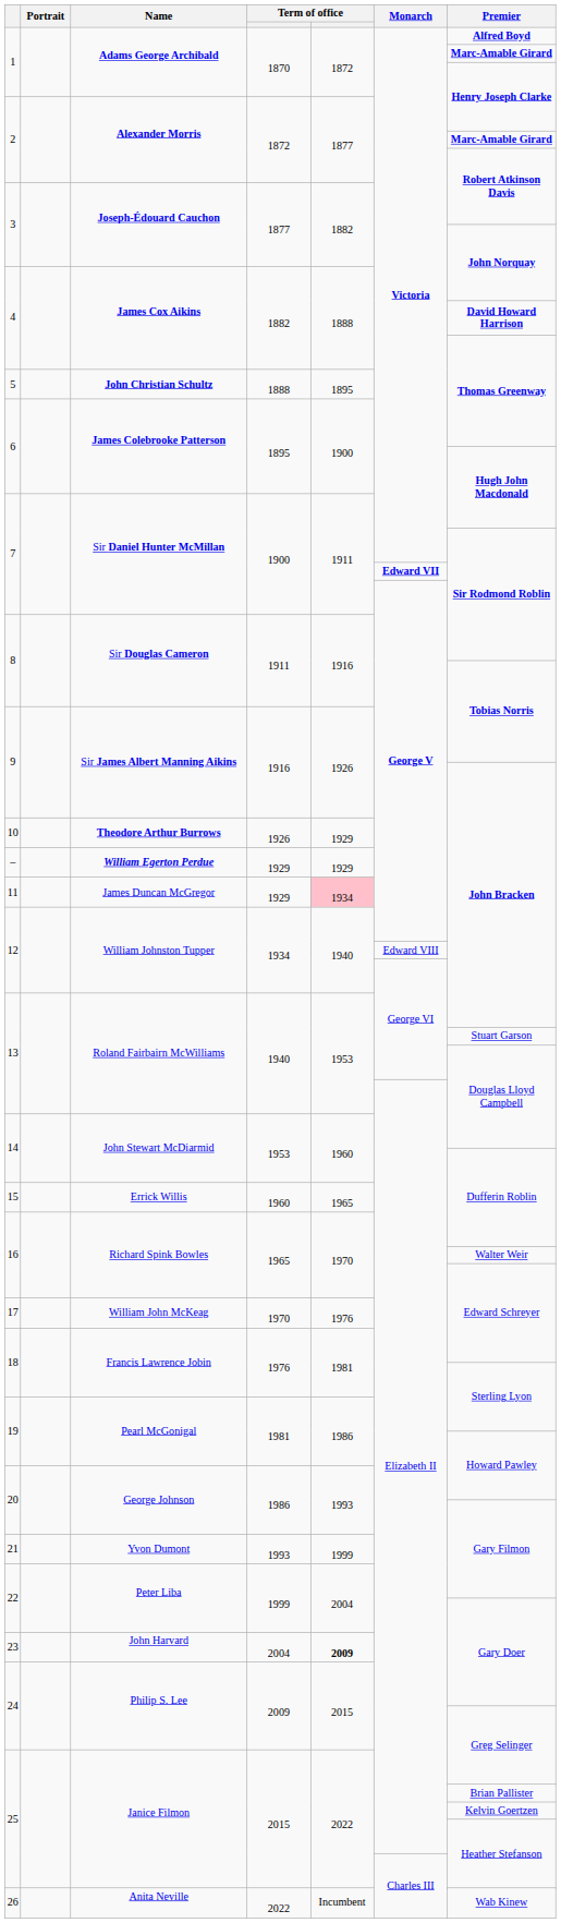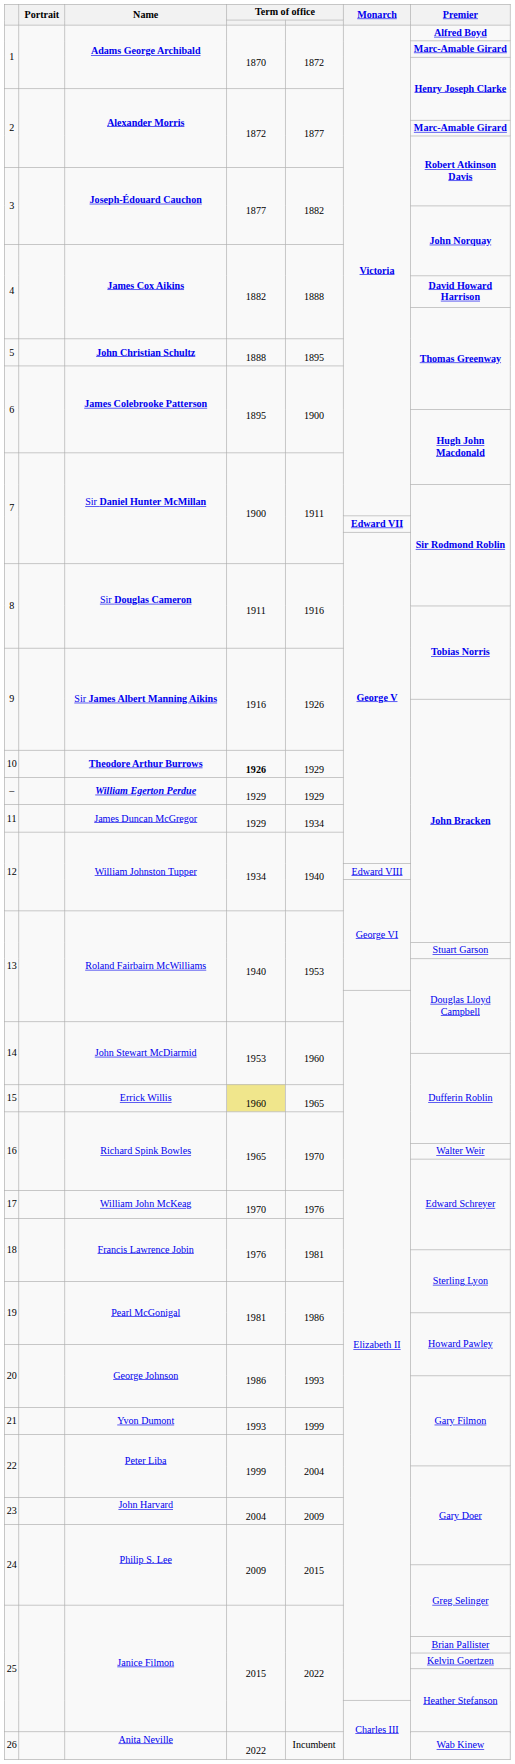 <table class="wikitable" style="text-align:center; border:1px #aaf solid;">
 <tr>
 <th rowspan="2"></th>
 <th rowspan="2" width="65">Portrait</th>
 <th rowspan="2" width="250">Name<br></th>
 <th colspan="2">Term of office</th>
 <th rowspan="2" width="100"><a href='#'>Monarch</a><br></th>
 <th rowspan="2" width="150"><a href='#'>Premier</a><br></th>
 </tr>
 <tr>
 <th width="85"></th>
 <th width="85"></th>
 </tr>
 <tr>
 <td rowspan="3">1</td>
 <td rowspan="3"></td>
 <td rowspan="3"><strong><a href='#'>Adams George Archibald</a></strong><br><br></td>
 <td rowspan="3"><br>1870</td>
 <td rowspan="3"><br>1872</td>
 <td rowspan="16"><strong><a href='#'>Victoria</a></strong><br></td>
 <td><strong><a href='#'>Alfred Boyd</a></strong><br></td>
 </tr>
 <tr>
 <td><strong><a href='#'>Marc-Amable Girard</a></strong><br></td>
 </tr>
 <tr style="height:50px;">
 <td rowspan="2"><strong><a href='#'>Henry Joseph Clarke</a></strong><br></td>
 </tr>
 <tr style="height:50px;">
 <td rowspan="3">2</td>
 <td rowspan="3"></td>
 <td rowspan="3"><a href='#'><strong>Alexander Morris</strong></a><br><br></td>
 <td rowspan="3"><br>1872</td>
 <td rowspan="3"><br>1877</td>
 </tr>
 <tr>
 <td><strong><a href='#'>Marc-Amable Girard</a></strong><br></td>
 </tr>
 <tr style="height:50px;">
 <td rowspan="2"><strong><a href='#'>Robert Atkinson Davis</a></strong><br></td>
 </tr>
 <tr style="height:61px;">
 <td rowspan="2">3</td>
 <td rowspan="2"></td>
 <td rowspan="2"><strong><a href='#'>Joseph-Édouard Cauchon</a></strong><br><br></td>
 <td rowspan="2"><br>1877</td>
 <td rowspan="2"><br>1882</td>
 </tr>
 <tr style="height:61px;">
 <td rowspan="2"><strong><a href='#'>John Norquay</a></strong><br></td>
 </tr>
 <tr style="height:50px;">
 <td rowspan="3">4</td>
 <td rowspan="3"></td>
 <td rowspan="3"><strong><a href='#'>James Cox Aikins</a></strong><br><br></td>
 <td rowspan="3"><br>1882</td>
 <td rowspan="3"><br>1888</td>
 </tr>
 <tr style="height:50px;">
 <td><strong><a href='#'>David Howard Harrison</a></strong><br></td>
 </tr>
 <tr style="height:50px;">
 <td rowspan="3"><strong><a href='#'>Thomas Greenway</a></strong><br></td>
 </tr>
 <tr>
 <td>5</td>
 <td></td>
 <td><strong><a href='#'>John Christian Schultz</a></strong><br></td>
 <td><br>1888</td>
 <td><br>1895</td>
 </tr>
 <tr style="height:69px;">
 <td rowspan="2">6</td>
 <td rowspan="2"></td>
 <td rowspan="2"><strong><a href='#'>James Colebrooke Patterson</a></strong><br><br></td>
 <td rowspan="2"><br>1895</td>
 <td rowspan="2"><br>1900</td>
 </tr>
 <tr style="height:69px;">
 <td rowspan="2"><strong><a href='#'>Hugh John Macdonald</a></strong><br></td>
 </tr>
 <tr style="height:50px;">
 <td rowspan="4">7</td>
 <td rowspan="4"></td>
 <td rowspan="4"><a href='#'>Sir <strong>Daniel Hunter McMillan</strong></a><br><br></td>
 <td rowspan="4"><br>1900</td>
 <td rowspan="4"><br>1911</td>
 </tr>
 <tr style="height:50px;">
 <td rowspan="4"><a href='#'><strong>Sir Rodmond Roblin</strong></a><br></td>
 </tr>
 <tr>
 <td><strong><a href='#'>Edward VII</a></strong><br></td>
 </tr>
 <tr style="height:50px;">
 <td rowspan="9"><strong><a href='#'>George V</a></strong><br></td>
 </tr>
 <tr style="height:67px;">
 <td rowspan="2">8</td>
 <td rowspan="2"></td>
 <td rowspan="2"><a href='#'>Sir <strong>Douglas Cameron</strong></a><br><br></td>
 <td rowspan="2"><br>1911</td>
 <td rowspan="2"><br>1916</td>
 </tr>
 <tr style="height:67px;">
 <td rowspan="2"><strong><a href='#'>Tobias Norris</a></strong><br></td>
 </tr>
 <tr style="height:81px;">
 <td rowspan="2">9</td>
 <td rowspan="2"></td>
 <td rowspan="2"><a href='#'>Sir <strong>James Albert Manning Aikins</strong></a><br></td>
 <td rowspan="2"><br>1916</td>
 <td rowspan="2"><br>1926</td>
 </tr>
 <tr style="height:81px;">
 <td rowspan="8"><strong><a href='#'>John Bracken</a></strong><br></td>
 </tr>
 <tr>
 <td>10</td>
 <td></td>
 <td><strong><a href='#'>Theodore Arthur Burrows</a></strong><br></td>
-<td><br>1926</td>
+<td><strong><br>1926</strong></td>
 <td><br>1929</td>
 </tr>
 <tr>
 <td>–</td>
 <td></td>
 <td><strong><em><a href='#'>William Egerton Perdue</a><strong><br><em></td>
 <td></em><br>1929<em></td>
 <td></em><br>1929<em></td>
 </tr>
 <tr>
 <td>11</td>
 <td></td>
 <td></strong><a href='#'>James Duncan McGregor</a><strong><br></td>
 <td><br>1929</td>
-<td style="background: pink;"><br>1934</td>
+<td><br>1934</td>
 </tr>
 <tr style="height:50px;">
 <td rowspan="3">12</td>
 <td rowspan="3"></td>
 <td rowspan="3"></strong><a href='#'>William Johnston Tupper</a><strong><br></td>
 <td rowspan="3"><br>1934</td>
 <td rowspan="3"><br>1940</td>
 </tr>
 <tr>
 <td></strong><a href='#'>Edward VIII</a><strong><br></td>
 </tr>
 <tr style="height:50px;">
 <td rowspan="4"></strong><a href='#'>George VI</a><strong><br></td>
 </tr>
 <tr style="height:50px;">
 <td rowspan="4">13</td>
 <td rowspan="4"></td>
 <td rowspan="4"></strong><a href='#'>Roland Fairbairn McWilliams</a><strong><br></td>
 <td rowspan="4"><br>1940</td>
 <td rowspan="4"><br>1953</td>
 </tr>
 <tr>
 <td></strong><a href='#'>Stuart Garson</a><strong><br></td>
 </tr>
 <tr style="height:50px;">
 <td rowspan="3"></strong><a href='#'>Douglas Lloyd Campbell</a><strong><br></td>
 </tr>
 <tr style="height:50px;">
 <td rowspan="24"></strong><a href='#'>Elizabeth II</a><strong><br></td>
 </tr>
 <tr style="height:50px;">
 <td rowspan="2">14</td>
 <td rowspan="2"></td>
 <td rowspan="2"></strong><a href='#'>John Stewart McDiarmid</a><strong><br></td>
 <td rowspan="2"><br>1953</td>
 <td rowspan="2"><br>1960</td>
 </tr>
 <tr style="height:50px;">
 <td rowspan="3"></strong><a href='#'>Dufferin Roblin</a><strong><br></td>
 </tr>
 <tr>
 <td>15</td>
 <td></td>
 <td></strong><a href='#'>Errick Willis</a><strong><br></td>
-<td><br>1960</td>
+<td style="background: khaki;"><br>1960</td>
 <td><br>1965</td>
 </tr>
 <tr style="height:50px;">
 <td rowspan="3">16</td>
 <td rowspan="3"></td>
 <td rowspan="3"></strong><a href='#'>Richard Spink Bowles</a><strong><br></td>
 <td rowspan="3"><br>1965</td>
 <td rowspan="3"><br>1970</td>
 </tr>
 <tr>
 <td></strong><a href='#'>Walter Weir</a><strong><br></td>
 </tr>
 <tr style="height:50px;">
 <td rowspan="3"></strong><a href='#'>Edward Schreyer</a><strong><br></td>
 </tr>
 <tr>
 <td>17</td>
 <td></td>
 <td></strong><a href='#'>William John McKeag</a><strong><br></td>
 <td><br>1970</td>
 <td><br>1976</td>
 </tr>
 <tr style="height:50px;">
 <td rowspan="2">18</td>
 <td rowspan="2"></td>
 <td rowspan="2"></strong><a href='#'>Francis Lawrence Jobin</a><strong><br></td>
 <td rowspan="2"><br>1976</td>
 <td rowspan="2"><br>1981</td>
 </tr>
 <tr style="height:50px;">
 <td rowspan="2"></strong><a href='#'>Sterling Lyon</a><strong><br></td>
 </tr>
 <tr style="height:50px;">
 <td rowspan="2">19</td>
 <td rowspan="2"></td>
 <td rowspan="2"></strong><a href='#'>Pearl McGonigal</a><strong><br></td>
 <td rowspan="2"><br>1981</td>
 <td rowspan="2"><br>1986</td>
 </tr>
 <tr style="height:50px;">
 <td rowspan="2"></strong><a href='#'>Howard Pawley</a><strong><br></td>
 </tr>
 <tr style="height:50px;">
 <td rowspan="2">20</td>
 <td rowspan="2"></td>
 <td rowspan="2"><a href='#'></strong>George Johnson<strong></a><br></td>
 <td rowspan="2"><br>1986</td>
 <td rowspan="2"><br>1993</td>
 </tr>
 <tr style="height:50px;">
 <td rowspan="3"></strong><a href='#'>Gary Filmon</a><strong><br></td>
 </tr>
 <tr>
 <td>21</td>
 <td></td>
 <td></strong><a href='#'>Yvon Dumont</a><strong><br></td>
 <td><br>1993</td>
 <td><br>1999</td>
 </tr>
 <tr style="height:50px;">
 <td rowspan="2">22</td>
 <td rowspan="2"></td>
 <td rowspan="2"></strong><a href='#'>Peter Liba</a><strong><br><br></td>
 <td rowspan="2"><br>1999</td>
 <td rowspan="2"><br>2004</td>
 </tr>
 <tr style="height:50px;">
 <td rowspan="3"></strong><a href='#'>Gary Doer</a><strong><br></td>
 </tr>
 <tr>
 <td>23</td>
 <td></td>
 <td><a href='#'></strong>John Harvard<strong></a><br><br></td>
 <td><br>2004</td>
-<td><strong><br>2009</strong></td>
+<td><br>2009</td>
 </tr>
 <tr style="height:64px;">
 <td rowspan="2">24</td>
 <td rowspan="2"></td>
 <td rowspan="2"></strong><a href='#'>Philip S. Lee</a><strong><br><br></td>
 <td rowspan="2"><br>2009</td>
 <td rowspan="2"><br>2015</td>
 </tr>
 <tr style="height:64px;">
 <td rowspan="2"></strong><a href='#'>Greg Selinger</a><strong><br></td>
 </tr>
 <tr style="height:50px;">
 <td rowspan="5">25</td>
 <td rowspan="5"></td>
 <td rowspan="5"></strong><a href='#'>Janice Filmon</a><strong><br><br></td>
 <td rowspan="5"><br>2015</td>
 <td rowspan="5"><br>2022</td>
 </tr>
 <tr>
 <td></strong><a href='#'>Brian Pallister</a><strong><br></td>
 </tr>
 <tr>
 <td></strong><a href='#'>Kelvin Goertzen</a><strong><br></td>
 </tr>
 <tr style="height:50px;">
 <td rowspan="3"></strong><a href='#'>Heather Stefanson</a><strong><br></td>
 </tr>
 <tr style="height:50px;">
 <td rowspan="3"></strong><a href='#'>Charles III</a><strong><br></td>
 </tr>
 <tr>
 <td rowspan="2">26</td>
 <td rowspan="2"></td>
 <td rowspan="2"></strong><a href='#'>Anita Neville</a><strong><br><br></td>
 <td rowspan="2"><br>2022</td>
 <td rowspan="2">Incumbent</td>
 </tr>
 <tr>
 <td></strong><a href='#'>Wab Kinew</a><strong><br></td>
 </tr>
 </table>
